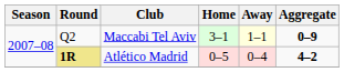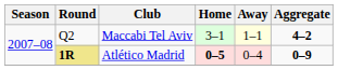 <table class="wikitable">
 <tr>
 <th>Season</th>
 <th>Round</th>
 <th>Club</th>
 <th>Home</th>
 <th>Away</th>
 <th>Aggregate</th>
 </tr>
 <tr>
 <td rowspan="2"><a href='#'>2007–08</a></td>
 <td>Q2</td>
 <td> <a href='#'>Maccabi Tel Aviv</a></td>
 <td style="text-align:center; background:#dfd;">3–1</td>
 <td style="text-align:center; background:#ffd;">1–1</td>
-<td style="text-align:center;"><strong>0–9</strong></td>
+<td style="text-align:center;"><strong>4–2</strong></td>
 </tr>
 <tr>
 <td style="background: khaki;"><strong>1R</strong></td>
 <td> <a href='#'>Atlético Madrid</a></td>
-<td style="text-align:center; background:#fdd;">0–5</td>
+<td style="text-align:center; background:#fdd;"><strong>0–5</strong></td>
 <td style="text-align:center; background:#fdd;">0–4</td>
-<td style="text-align:center;"><strong>4–2</strong></td>
+<td style="text-align:center;"><strong>0–9</strong></td>
 </tr>
 <tr>
 </tr>
 </table>
